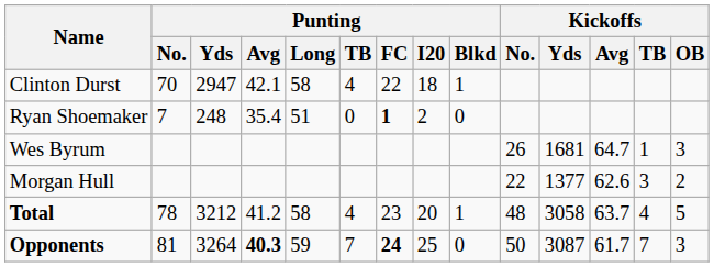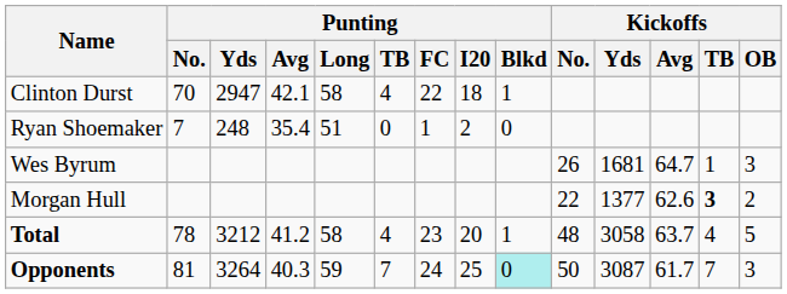 <table class="wikitable" style="white-space:nowrap;">
 <tr>
 <th rowspan="2">Name</th>
 <th colspan="8">Punting</th>
 <th colspan="5">Kickoffs</th>
 </tr>
 <tr>
 <th>No.</th>
 <th>Yds</th>
 <th>Avg</th>
 <th>Long</th>
 <th>TB</th>
 <th>FC</th>
 <th>I20</th>
 <th>Blkd</th>
 <th>No.</th>
 <th>Yds</th>
 <th>Avg</th>
 <th>TB</th>
 <th>OB</th>
 </tr>
 <tr>
 <td>Clinton Durst</td>
 <td>70</td>
 <td>2947</td>
 <td>42.1</td>
 <td>58</td>
 <td>4</td>
 <td>22</td>
 <td>18</td>
 <td>1</td>
 <td></td>
 <td></td>
 <td></td>
 <td></td>
 <td></td>
 </tr>
 <tr>
 <td>Ryan Shoemaker</td>
 <td>7</td>
 <td>248</td>
 <td>35.4</td>
 <td>51</td>
 <td>0</td>
-<td><strong>1</strong></td>
+<td>1</td>
 <td>2</td>
 <td>0</td>
 <td></td>
 <td></td>
 <td></td>
 <td></td>
 <td></td>
 </tr>
 <tr>
 <td>Wes Byrum</td>
 <td></td>
 <td></td>
 <td></td>
 <td></td>
 <td></td>
 <td></td>
 <td></td>
 <td></td>
 <td>26</td>
 <td>1681</td>
 <td>64.7</td>
 <td>1</td>
 <td>3</td>
 </tr>
 <tr>
 <td>Morgan Hull</td>
 <td></td>
 <td></td>
 <td></td>
 <td></td>
 <td></td>
 <td></td>
 <td></td>
 <td></td>
 <td>22</td>
 <td>1377</td>
 <td>62.6</td>
-<td>3</td>
+<td><strong>3</strong></td>
 <td>2</td>
 </tr>
 <tr>
 <td><strong>Total</strong></td>
 <td>78</td>
 <td>3212</td>
 <td>41.2</td>
 <td>58</td>
 <td>4</td>
 <td>23</td>
 <td>20</td>
 <td>1</td>
 <td>48</td>
 <td>3058</td>
 <td>63.7</td>
 <td>4</td>
 <td>5</td>
 </tr>
 <tr>
 <td><strong>Opponents</strong></td>
 <td>81</td>
 <td>3264</td>
-<td><strong>40.3</strong></td>
+<td>40.3</td>
 <td>59</td>
 <td>7</td>
-<td><strong>24</strong></td>
+<td>24</td>
 <td>25</td>
-<td>0</td>
+<td style="background: paleturquoise;">0</td>
 <td>50</td>
 <td>3087</td>
 <td>61.7</td>
 <td>7</td>
 <td>3</td>
 </tr>
 </table>
